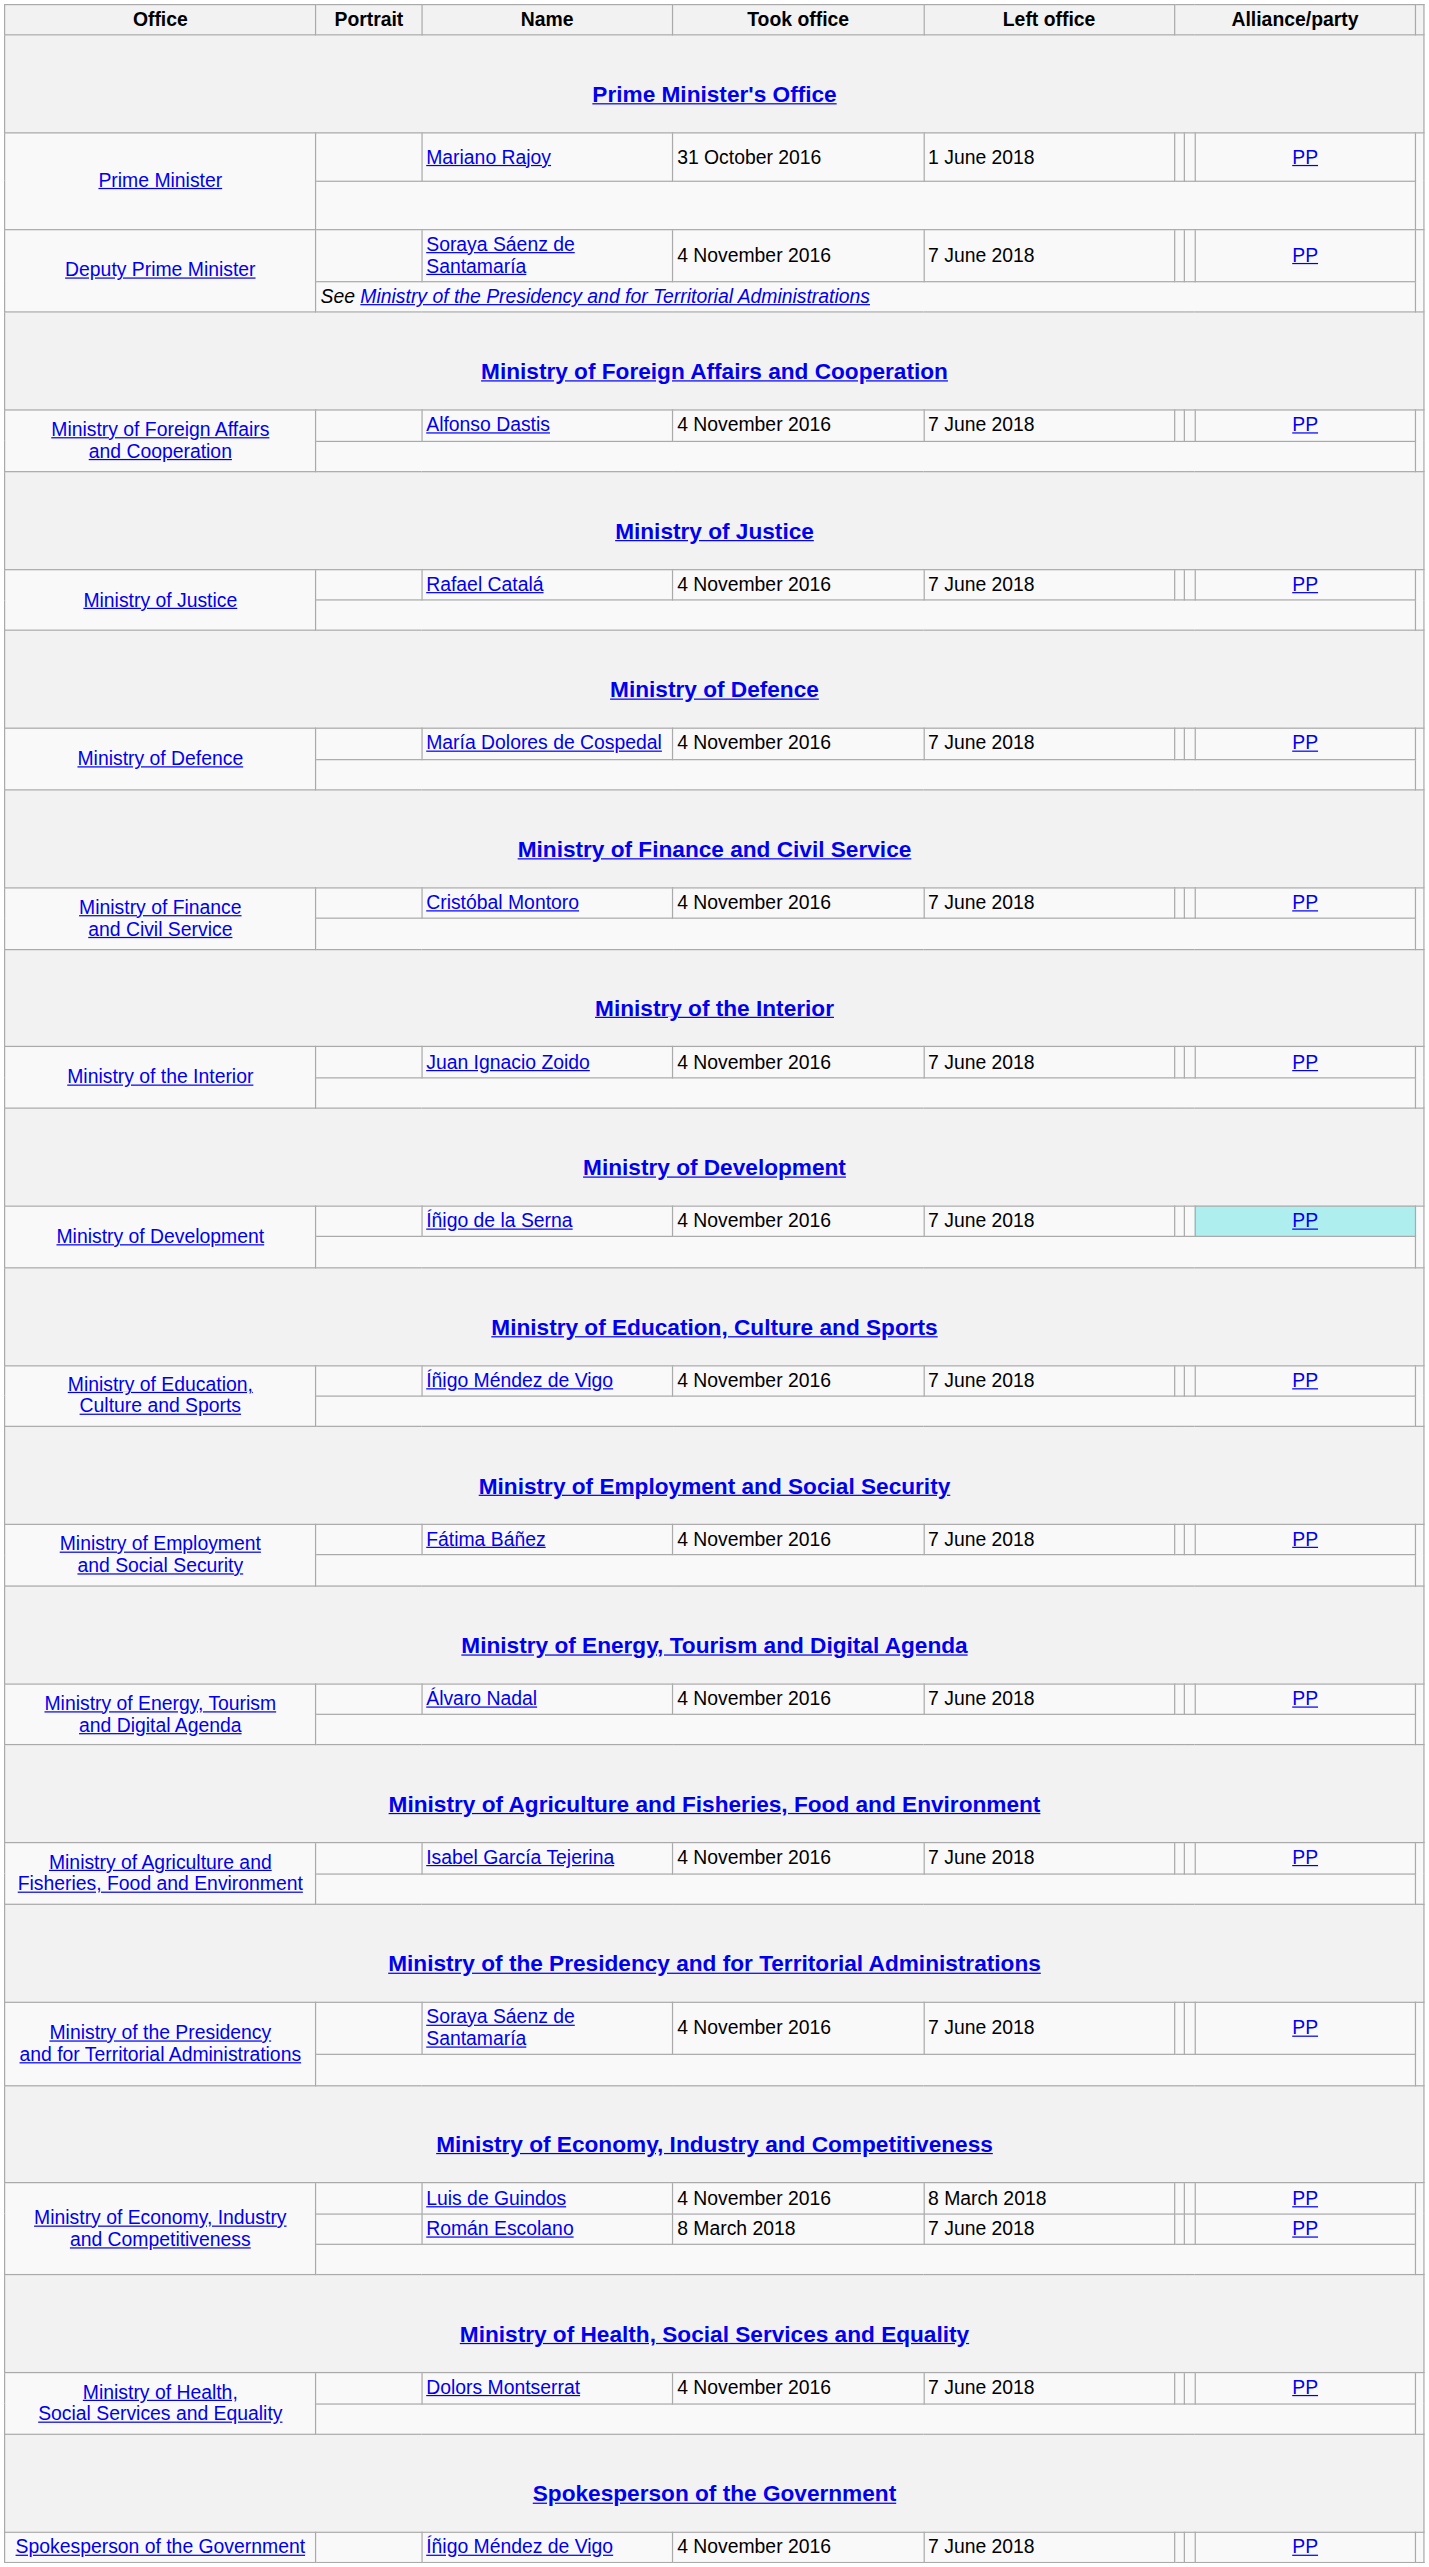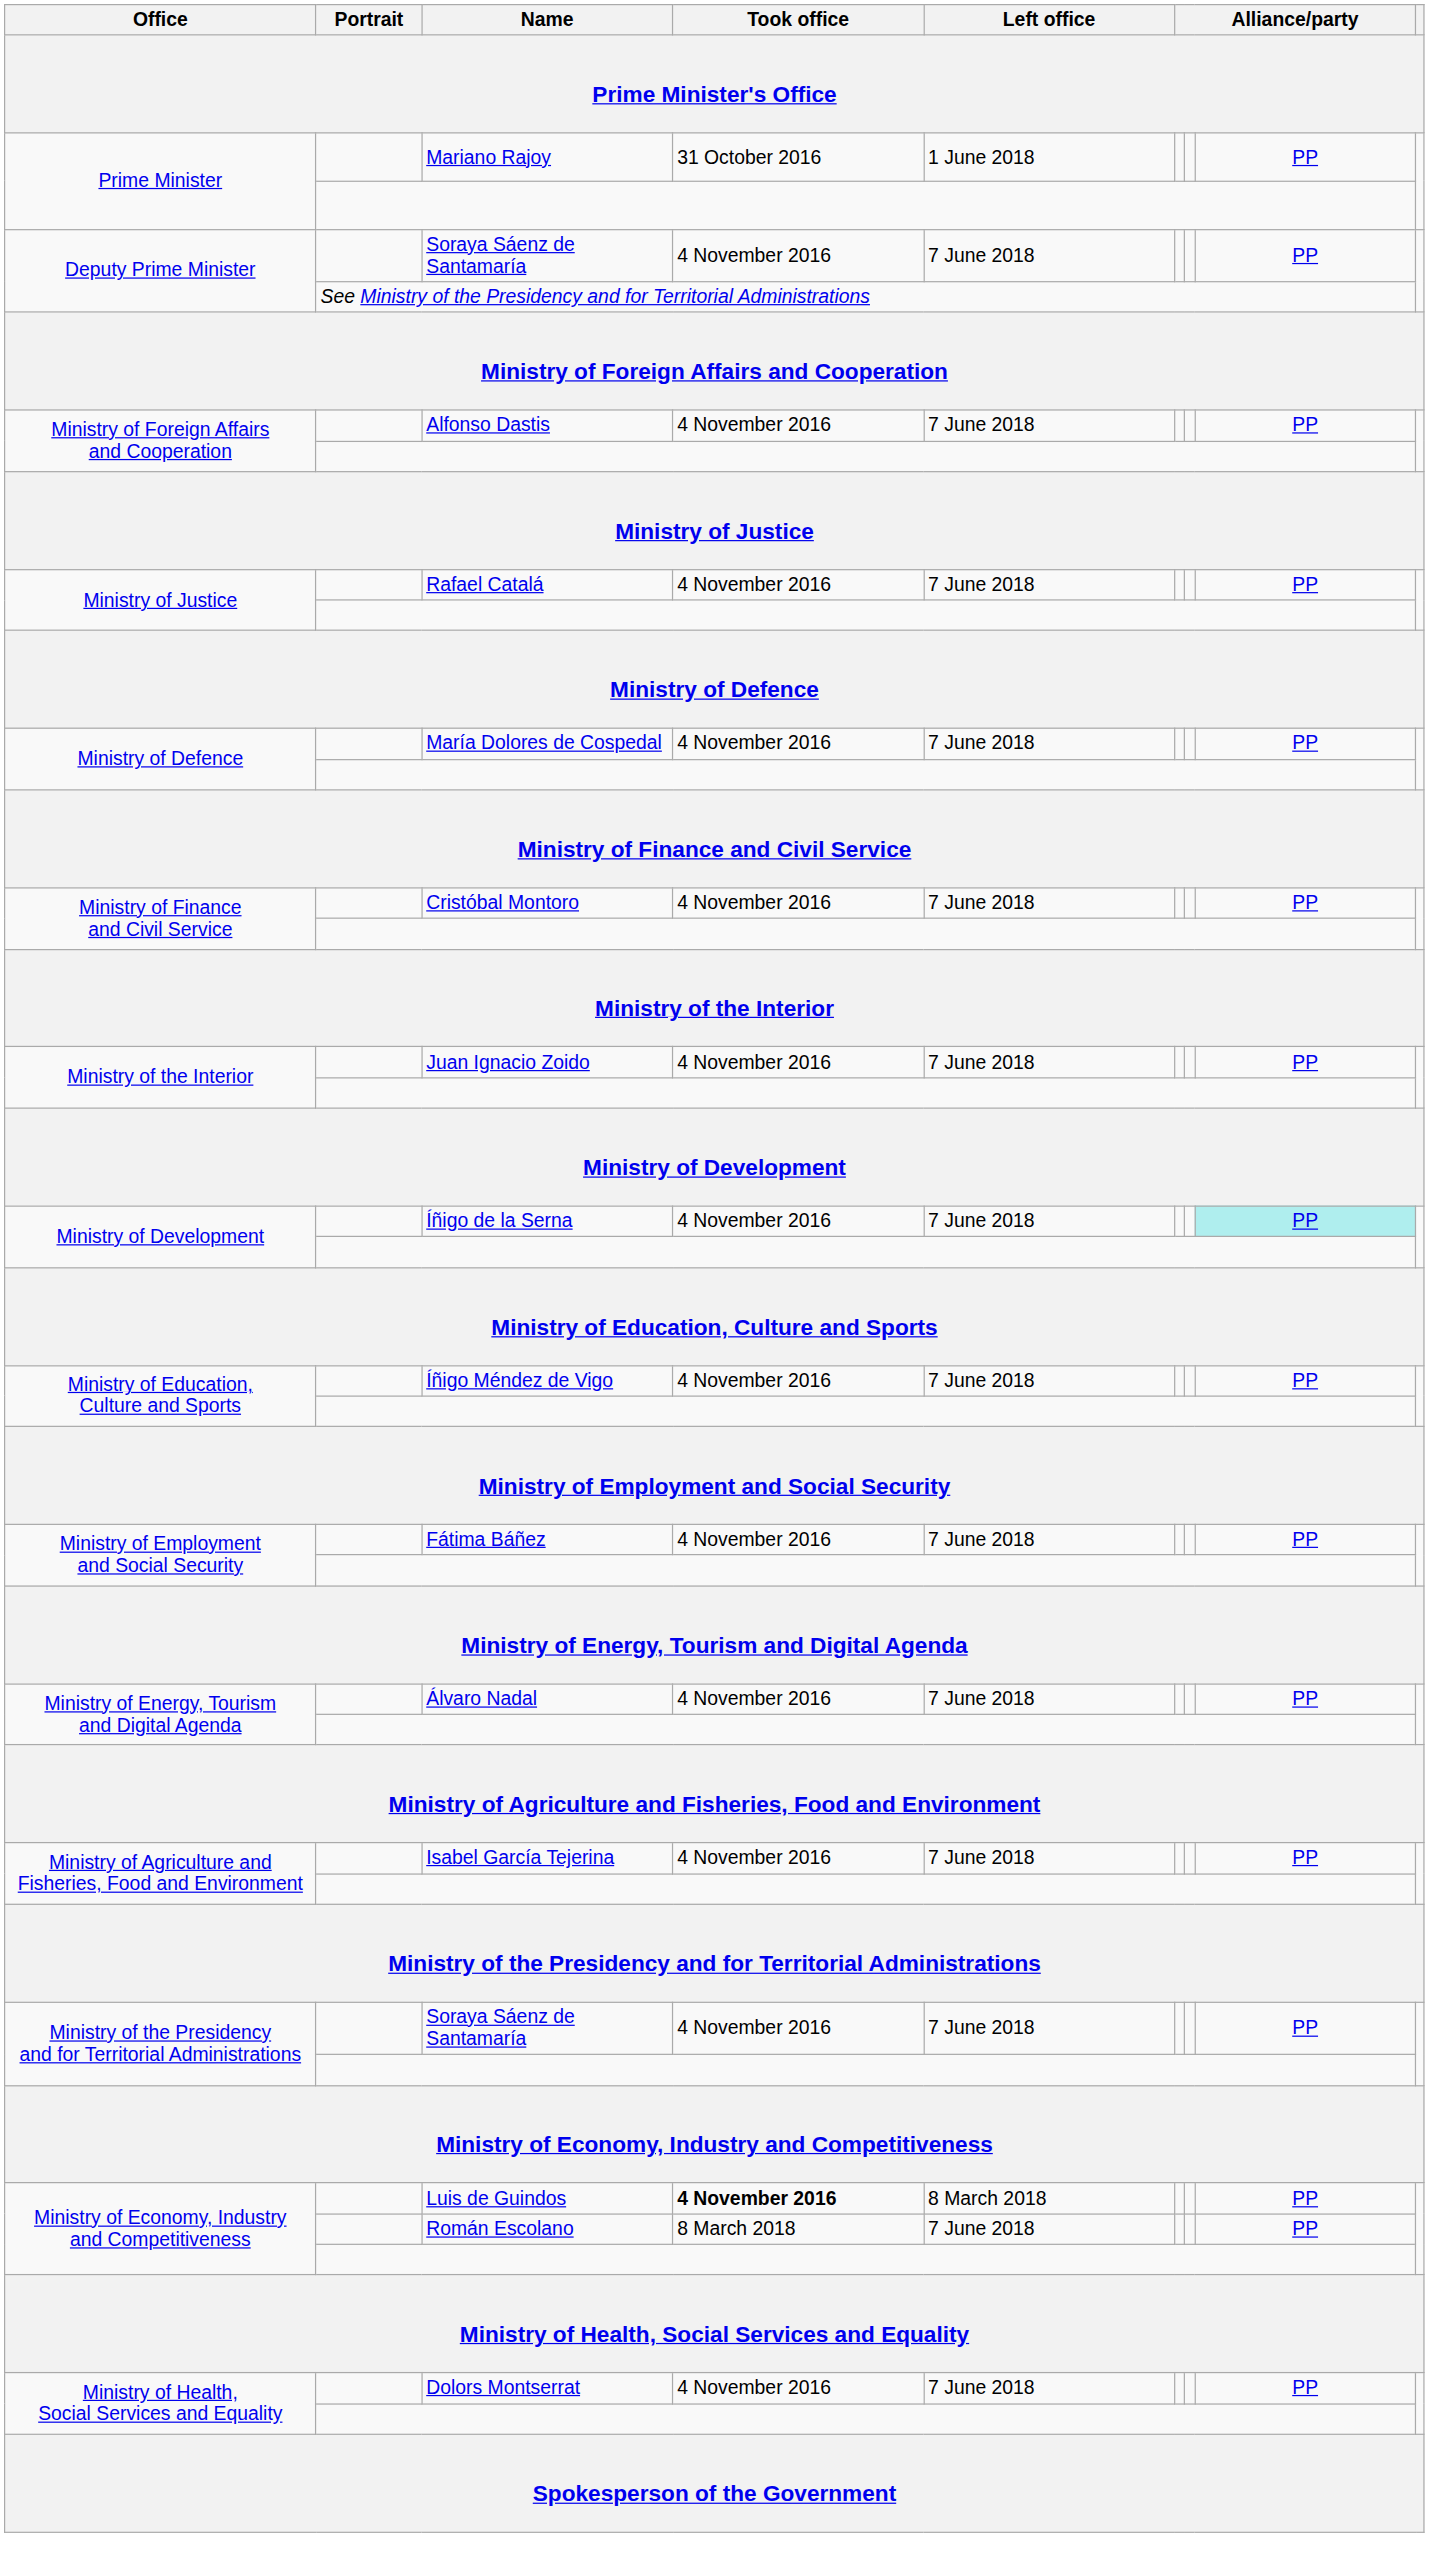 <table class="wikitable" style="line-height:18px;">
 <tr>
 <th scope="col">Office<br></th>
 <th scope="col">Portrait</th>
 <th scope="col">Name</th>
 <th scope="col">Took office</th>
 <th scope="col">Left office</th>
 <th colspan="3" scope="col">Alliance/party</th>
 <th></th>
 </tr>
 <tr>
 <th colspan="9"><br><h3><a href='#'>Prime Minister's Office</a></h3></th>
 </tr>
 <tr>
 <td align="center" rowspan="2" width="250"><a href='#'>Prime Minister</a><br></td>
 <td width="80"></td>
 <td width="200"><a href='#'>Mariano Rajoy</a></td>
 <td width="200">31 October 2016</td>
 <td width="200">1 June 2018<br></td>
 <td width="1" style="background-color:"></td>
 <td width="1" style="background-color:"></td>
 <td width="175" align="center"><a href='#'>PP</a></td>
 <td align="center" rowspan="2"><br><br><br><br></td>
 </tr>
 <tr>
 <td colspan="7"><br></td>
 </tr>
 <tr>
 <td align="center" rowspan="2"><a href='#'>Deputy Prime Minister</a><br></td>
 <td></td>
 <td><a href='#'>Soraya Sáenz de Santamaría</a></td>
 <td>4 November 2016</td>
 <td>7 June 2018</td>
 <td style="background-color:"></td>
 <td style="background-color:"></td>
 <td align="center"><a href='#'>PP</a></td>
 <td align="center" rowspan="2"></td>
 </tr>
 <tr>
 <td colspan="7"><em>See <a href='#'>Ministry of the Presidency and for Territorial Administrations</a></em></td>
 </tr>
 <tr>
 <th colspan="9"><br><h3><a href='#'>Ministry of Foreign Affairs and Cooperation</a></h3></th>
 </tr>
 <tr>
 <td align="center" rowspan="2"><a href='#'>Ministry of Foreign Affairs<br>and Cooperation</a><br></td>
 <td></td>
 <td><a href='#'>Alfonso Dastis</a></td>
 <td>4 November 2016</td>
 <td>7 June 2018</td>
 <td style="background-color:"></td>
 <td style="background-color:"></td>
 <td align="center"><a href='#'>PP</a><br></td>
 <td align="center" rowspan="2"><br></td>
 </tr>
 <tr>
 <td colspan="7"><br> </td>
 </tr>
 <tr>
 <th colspan="9"><br><h3><a href='#'>Ministry of Justice</a></h3></th>
 </tr>
 <tr>
 <td align="center" rowspan="2"><a href='#'>Ministry of Justice</a><br></td>
 <td></td>
 <td><a href='#'>Rafael Catalá</a></td>
 <td>4 November 2016</td>
 <td>7 June 2018</td>
 <td style="background-color:"></td>
 <td style="background-color:"></td>
 <td align="center"><a href='#'>PP</a></td>
 <td align="center" rowspan="2"><br></td>
 </tr>
 <tr>
 <td colspan="7"><br></td>
 </tr>
 <tr>
 <th colspan="9"><br><h3><a href='#'>Ministry of Defence</a></h3></th>
 </tr>
 <tr>
 <td align="center" rowspan="2"><a href='#'>Ministry of Defence</a><br></td>
 <td></td>
 <td><a href='#'>María Dolores de Cospedal</a></td>
 <td>4 November 2016</td>
 <td>7 June 2018</td>
 <td style="background-color:"></td>
 <td style="background-color:"></td>
 <td align="center"><a href='#'>PP</a></td>
 <td align="center" rowspan="2"><br></td>
 </tr>
 <tr>
 <td colspan="7"><br></td>
 </tr>
 <tr>
 <th colspan="9"><br><h3><a href='#'>Ministry of Finance and Civil Service</a></h3></th>
 </tr>
 <tr>
 <td align="center" rowspan="2"><a href='#'>Ministry of Finance<br>and Civil Service</a><br></td>
 <td></td>
 <td><a href='#'>Cristóbal Montoro</a></td>
 <td>4 November 2016</td>
 <td>7 June 2018</td>
 <td style="background-color:"></td>
 <td style="background-color:"></td>
 <td align="center"><a href='#'>PP</a></td>
 <td align="center" rowspan="2"><br></td>
 </tr>
 <tr>
 <td colspan="7"><br></td>
 </tr>
 <tr>
 <th colspan="9"><br><h3><a href='#'>Ministry of the Interior</a></h3></th>
 </tr>
 <tr>
 <td align="center" rowspan="2"><a href='#'>Ministry of the Interior</a><br></td>
 <td></td>
 <td><a href='#'>Juan Ignacio Zoido</a></td>
 <td>4 November 2016</td>
 <td>7 June 2018</td>
 <td style="background-color:"></td>
 <td style="background-color:"></td>
 <td align="center"><a href='#'>PP</a></td>
 <td align="center" rowspan="2"><br></td>
 </tr>
 <tr>
 <td colspan="7"><br></td>
 </tr>
 <tr>
 <th colspan="9"><br><h3><a href='#'>Ministry of Development</a></h3></th>
 </tr>
 <tr>
 <td align="center" rowspan="2"><a href='#'>Ministry of Development</a><br></td>
 <td></td>
 <td><a href='#'>Íñigo de la Serna</a></td>
 <td>4 November 2016</td>
 <td>7 June 2018</td>
 <td style="background-color:"></td>
 <td style="background-color:"></td>
 <td align="center" style="background: paleturquoise;"><a href='#'>PP</a></td>
 <td align="center" rowspan="2"><br></td>
 </tr>
 <tr>
 <td colspan="7"><br></td>
 </tr>
 <tr>
 <th colspan="9"><br><h3><a href='#'>Ministry of Education, Culture and Sports</a></h3></th>
 </tr>
 <tr>
 <td align="center" rowspan="2"><a href='#'>Ministry of Education,<br>Culture and Sports</a><br></td>
 <td></td>
 <td><a href='#'>Íñigo Méndez de Vigo</a></td>
 <td>4 November 2016</td>
 <td>7 June 2018</td>
 <td style="background-color:"></td>
 <td style="background-color:"></td>
 <td align="center"><a href='#'>PP</a></td>
 <td align="center" rowspan="2"><br><br></td>
 </tr>
 <tr>
 <td colspan="7"><br></td>
 </tr>
 <tr>
 <th colspan="9"><br><h3><a href='#'>Ministry of Employment and Social Security</a></h3></th>
 </tr>
 <tr>
 <td align="center" rowspan="2"><a href='#'>Ministry of Employment<br>and Social Security</a><br></td>
 <td></td>
 <td><a href='#'>Fátima Báñez</a></td>
 <td>4 November 2016</td>
 <td>7 June 2018</td>
 <td style="background-color:"></td>
 <td style="background-color:"></td>
 <td align="center"><a href='#'>PP</a></td>
 <td align="center" rowspan="2"><br><br></td>
 </tr>
 <tr>
 <td colspan="7"><br></td>
 </tr>
 <tr>
 <th colspan="9"><br><h3><a href='#'>Ministry of Energy, Tourism and Digital Agenda</a></h3></th>
 </tr>
 <tr>
 <td align="center" rowspan="2"><a href='#'>Ministry of Energy, Tourism<br>and Digital Agenda</a><br></td>
 <td></td>
 <td><a href='#'>Álvaro Nadal</a></td>
 <td>4 November 2016</td>
 <td>7 June 2018</td>
 <td style="background-color:"></td>
 <td style="background-color:"></td>
 <td align="center"><a href='#'>PP</a></td>
 <td align="center" rowspan="2"><br></td>
 </tr>
 <tr>
 <td colspan="7"><br></td>
 </tr>
 <tr>
 <th colspan="9"><br><h3><a href='#'>Ministry of Agriculture and Fisheries, Food and Environment</a></h3></th>
 </tr>
 <tr>
 <td align="center" rowspan="2"><a href='#'>Ministry of Agriculture and<br>Fisheries, Food and Environment</a><br></td>
 <td></td>
 <td><a href='#'>Isabel García Tejerina</a></td>
 <td>4 November 2016</td>
 <td>7 June 2018</td>
 <td style="background-color:"></td>
 <td style="background-color:"></td>
 <td align="center"><a href='#'>PP</a></td>
 <td align="center" rowspan="2"><br></td>
 </tr>
 <tr>
 <td colspan="7"><br></td>
 </tr>
 <tr>
 <th colspan="9"><br><h3><a href='#'>Ministry of the Presidency and for Territorial Administrations</a></h3></th>
 </tr>
 <tr>
 <td align="center" rowspan="2"><a href='#'>Ministry of the Presidency<br>and for Territorial Administrations</a><br></td>
 <td></td>
 <td><a href='#'>Soraya Sáenz de Santamaría</a></td>
 <td>4 November 2016</td>
 <td>7 June 2018</td>
 <td style="background-color:"></td>
 <td style="background-color:"></td>
 <td align="center"><a href='#'>PP</a></td>
 <td align="center" rowspan="2"><br><br><br></td>
 </tr>
 <tr>
 <td colspan="7"><br></td>
 </tr>
 <tr>
 <th colspan="9"><br><h3><a href='#'>Ministry of Economy, Industry and Competitiveness</a></h3></th>
 </tr>
 <tr>
 <td align="center" rowspan="3"><a href='#'>Ministry of Economy, Industry<br>and Competitiveness</a><br></td>
 <td></td>
 <td><a href='#'>Luis de Guindos</a></td>
-<td>4 November 2016</td>
+<td><strong>4 November 2016</strong></td>
 <td>8 March 2018</td>
 <td style="background-color:"></td>
 <td style="background-color:"></td>
 <td align="center"><a href='#'>PP</a><br></td>
 <td align="center" rowspan="3"><br></td>
 </tr>
 <tr>
 <td></td>
 <td><a href='#'>Román Escolano</a></td>
 <td>8 March 2018</td>
 <td>7 June 2018</td>
 <td style="background-color:"></td>
 <td style="background-color:"></td>
 <td align="center"><a href='#'>PP</a><br></td>
 </tr>
 <tr>
 <td colspan="7"><br></td>
 </tr>
 <tr>
 <th colspan="9"><br><h3><a href='#'>Ministry of Health, Social Services and Equality</a></h3></th>
 </tr>
 <tr>
 <td align="center" rowspan="2"><a href='#'>Ministry of Health,<br>Social Services and Equality</a><br></td>
 <td></td>
 <td><a href='#'>Dolors Montserrat</a></td>
 <td>4 November 2016</td>
 <td>7 June 2018</td>
 <td style="background-color:"></td>
 <td style="background-color:"></td>
 <td align="center"><a href='#'>PP</a></td>
 <td align="center" rowspan="2"><br></td>
 </tr>
 <tr>
 <td colspan="7"><br></td>
 </tr>
 <tr>
 <th colspan="9"><br><h3><a href='#'>Spokesperson of the Government</a></h3></th>
 </tr>
-<tr>
-<td align="center"><a href='#'>Spokesperson of the Government</a><br></td>
-<td></td>
-<td><a href='#'>Íñigo Méndez de Vigo</a></td>
-<td>4 November 2016</td>
-<td>7 June 2018</td>
-<td style="background-color:"></td>
-<td style="background-color:"></td>
-<td align="center"><a href='#'>PP</a></td>
-<td align="center"></td>
-</tr>
 </table>
